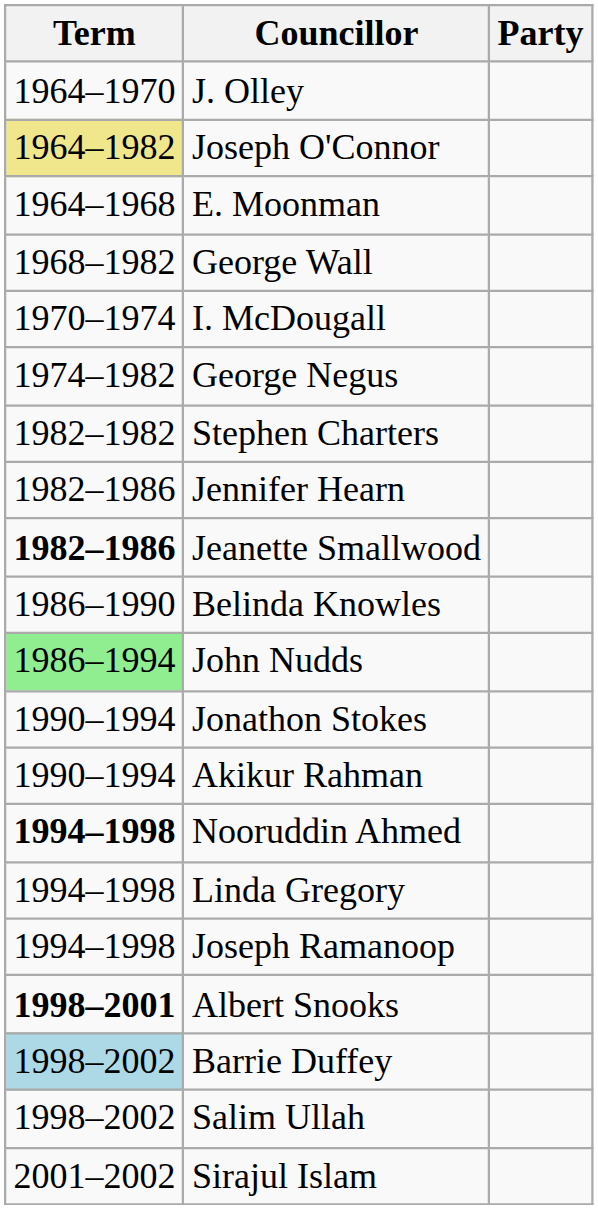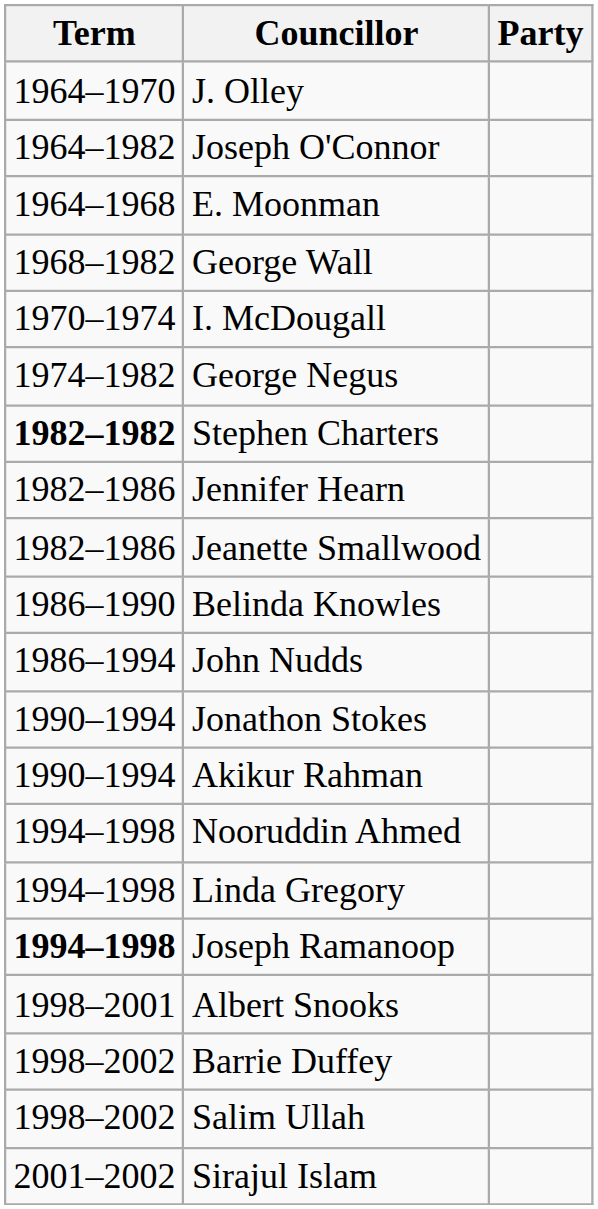 <table class="wikitable">
 <tr>
 <th>Term</th>
 <th>Councillor</th>
 <th colspan=2>Party</th>
 </tr>
 <tr>
 <td>1964–1970</td>
 <td>J. Olley</td>
 <td></td>
 </tr>
 <tr>
-<td style="background: khaki;">1964–1982</td>
+<td>1964–1982</td>
 <td>Joseph O'Connor</td>
 <td></td>
 </tr>
 <tr>
 <td>1964–1968</td>
 <td>E. Moonman</td>
 <td></td>
 </tr>
 <tr>
 <td>1968–1982</td>
 <td>George Wall</td>
 <td></td>
 </tr>
 <tr>
 <td>1970–1974</td>
 <td>I. McDougall</td>
 <td></td>
 </tr>
 <tr>
 <td>1974–1982</td>
 <td>George Negus</td>
 <td></td>
 </tr>
 <tr>
-<td>1982–1982</td>
+<td><strong>1982–1982</strong></td>
 <td>Stephen Charters</td>
 <td></td>
 </tr>
 <tr>
 <td>1982–1986</td>
 <td>Jennifer Hearn</td>
 <td></td>
 </tr>
 <tr>
-<td><strong>1982–1986</strong></td>
+<td>1982–1986</td>
 <td>Jeanette Smallwood</td>
 <td></td>
 </tr>
 <tr>
 <td>1986–1990</td>
 <td>Belinda Knowles</td>
 <td></td>
 </tr>
 <tr>
-<td style="background: lightgreen;">1986–1994</td>
+<td>1986–1994</td>
 <td>John Nudds</td>
 <td></td>
 </tr>
 <tr>
 <td>1990–1994</td>
 <td>Jonathon Stokes</td>
 <td></td>
 </tr>
 <tr>
 <td>1990–1994</td>
 <td>Akikur Rahman</td>
 <td></td>
 </tr>
 <tr>
-<td><strong>1994–1998</strong></td>
+<td>1994–1998</td>
 <td>Nooruddin Ahmed</td>
 <td></td>
 </tr>
 <tr>
 <td>1994–1998</td>
 <td>Linda Gregory</td>
 <td></td>
 </tr>
 <tr>
-<td>1994–1998</td>
+<td><strong>1994–1998</strong></td>
 <td>Joseph Ramanoop</td>
 <td></td>
 </tr>
 <tr>
-<td><strong>1998–2001</strong></td>
+<td>1998–2001</td>
 <td>Albert Snooks</td>
 <td></td>
 </tr>
 <tr>
-<td style="background: lightblue;">1998–2002</td>
+<td>1998–2002</td>
 <td>Barrie Duffey</td>
 <td></td>
 </tr>
 <tr>
 <td>1998–2002</td>
 <td>Salim Ullah</td>
 <td></td>
 </tr>
 <tr>
 <td>2001–2002</td>
 <td>Sirajul Islam</td>
 <td></td>
 </tr>
 </table>
